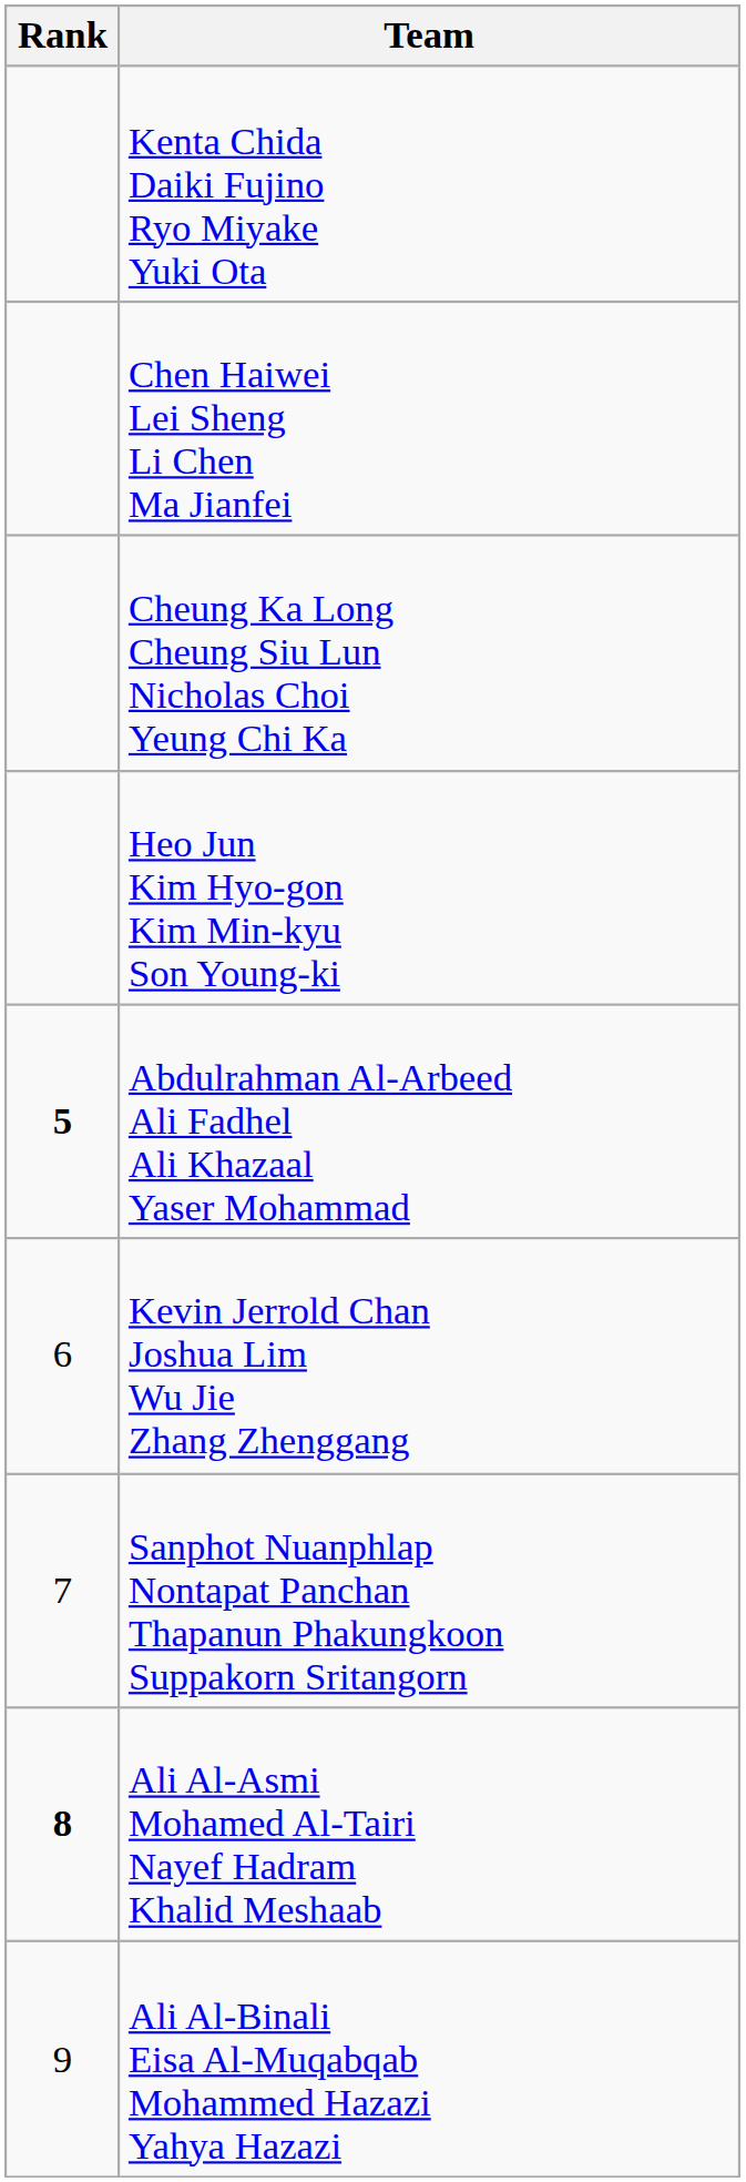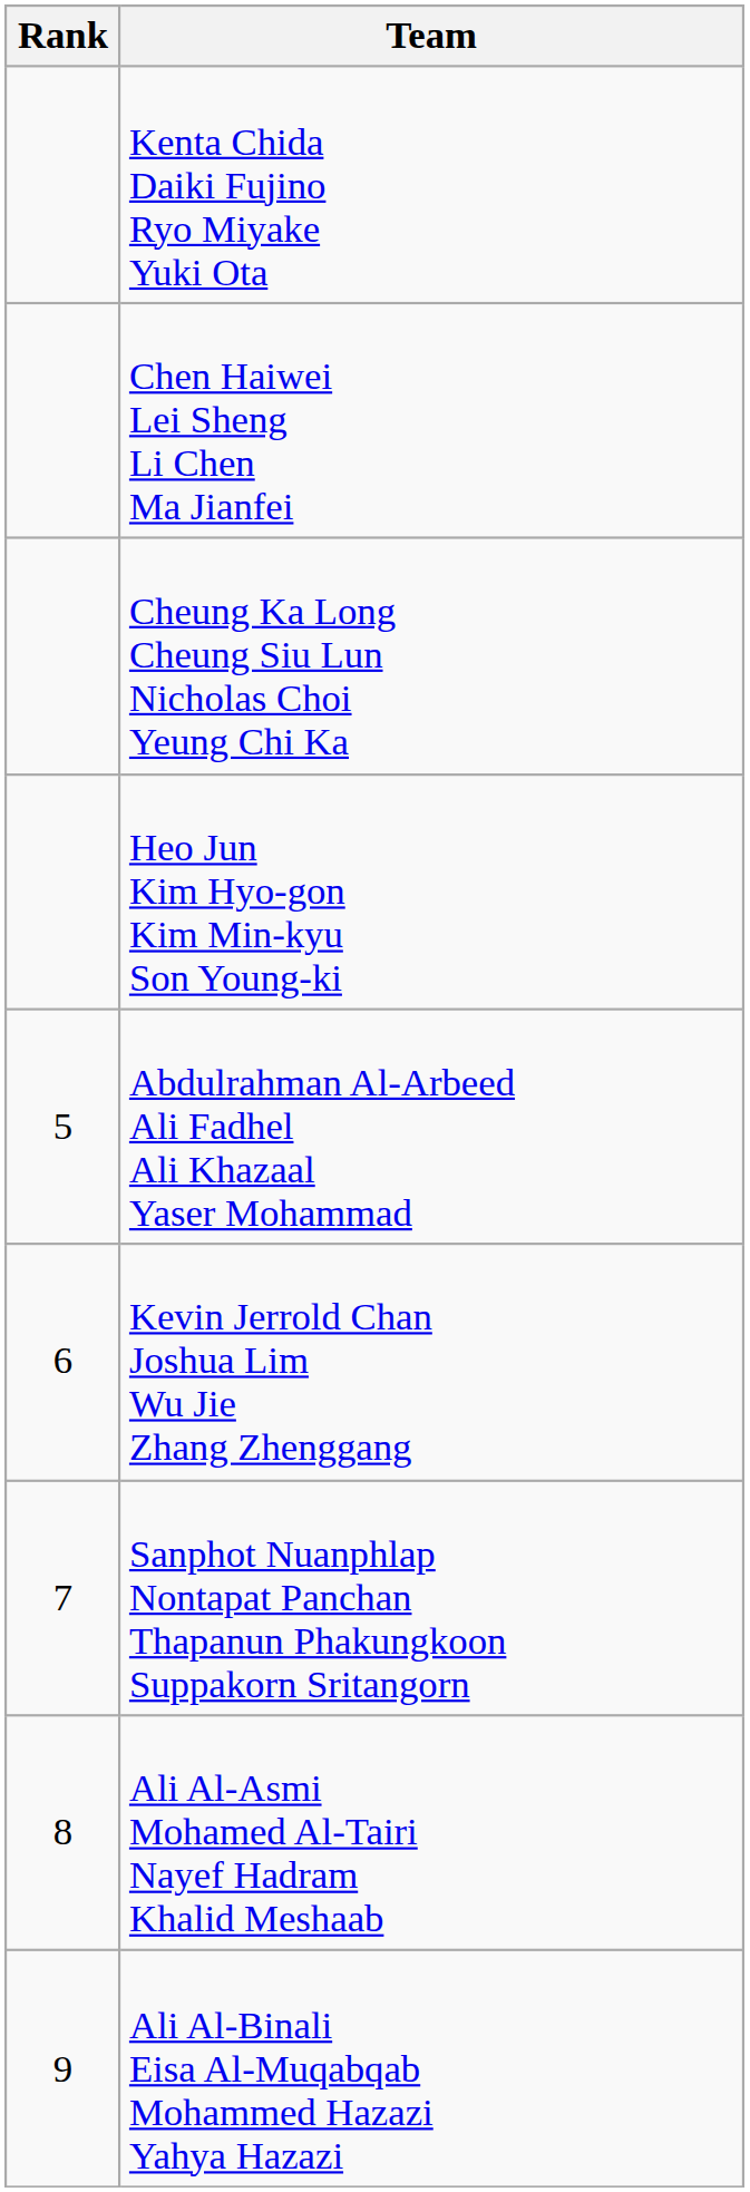 <table class="wikitable" style="text-align: center;">
 <tr>
 <th width=40>Rank</th>
 <th width=250>Team</th>
 </tr>
 <tr>
 <td></td>
 <td align=left><br><a href='#'>Kenta Chida</a><br><a href='#'>Daiki Fujino</a><br><a href='#'>Ryo Miyake</a><br><a href='#'>Yuki Ota</a></td>
 </tr>
 <tr>
 <td></td>
 <td align=left><br><a href='#'>Chen Haiwei</a><br><a href='#'>Lei Sheng</a><br><a href='#'>Li Chen</a><br><a href='#'>Ma Jianfei</a></td>
 </tr>
 <tr>
 <td></td>
 <td align=left><br><a href='#'>Cheung Ka Long</a><br><a href='#'>Cheung Siu Lun</a><br><a href='#'>Nicholas Choi</a><br><a href='#'>Yeung Chi Ka</a></td>
 </tr>
 <tr>
 <td></td>
 <td align=left><br><a href='#'>Heo Jun</a><br><a href='#'>Kim Hyo-gon</a><br><a href='#'>Kim Min-kyu</a><br><a href='#'>Son Young-ki</a></td>
 </tr>
 <tr>
-<td><strong>5</strong></td>
+<td>5</td>
 <td align=left><br><a href='#'>Abdulrahman Al-Arbeed</a><br><a href='#'>Ali Fadhel</a><br><a href='#'>Ali Khazaal</a><br><a href='#'>Yaser Mohammad</a></td>
 </tr>
 <tr>
 <td>6</td>
 <td align=left><br><a href='#'>Kevin Jerrold Chan</a><br><a href='#'>Joshua Lim</a><br><a href='#'>Wu Jie</a><br><a href='#'>Zhang Zhenggang</a></td>
 </tr>
 <tr>
 <td>7</td>
 <td align=left><br><a href='#'>Sanphot Nuanphlap</a><br><a href='#'>Nontapat Panchan</a><br><a href='#'>Thapanun Phakungkoon</a><br><a href='#'>Suppakorn Sritangorn</a></td>
 </tr>
 <tr>
-<td><strong>8</strong></td>
+<td>8</td>
 <td align=left><br><a href='#'>Ali Al-Asmi</a><br><a href='#'>Mohamed Al-Tairi</a><br><a href='#'>Nayef Hadram</a><br><a href='#'>Khalid Meshaab</a></td>
 </tr>
 <tr>
 <td>9</td>
 <td align=left><br><a href='#'>Ali Al-Binali</a><br><a href='#'>Eisa Al-Muqabqab</a><br><a href='#'>Mohammed Hazazi</a><br><a href='#'>Yahya Hazazi</a></td>
 </tr>
 </table>
